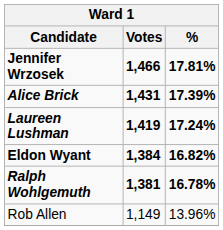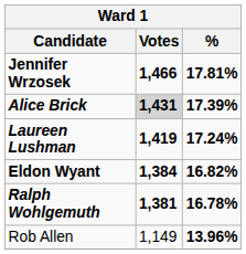 <table class="wikitable" style="width:250px">
 <tr>
 <th colspan=3>Ward 1</th>
 </tr>
 <tr>
 <th>Candidate</th>
 <th>Votes</th>
 <th>%</th>
 </tr>
 <tr>
 <td><strong>Jennifer Wrzosek</strong></td>
 <td><strong>1,466</strong></td>
 <td><strong>17.81%</strong></td>
 </tr>
 <tr>
 <td><strong><em>Alice Brick</em></strong></td>
-<td><strong>1,431</strong></td>
+<td style="background: lightgrey;"><strong>1,431</strong></td>
 <td><strong>17.39%</strong></td>
 </tr>
 <tr>
 <td><strong><em>Laureen Lushman</em></strong></td>
 <td><strong>1,419</strong></td>
 <td><strong>17.24%</strong></td>
 </tr>
 <tr>
 <td><strong>Eldon Wyant</strong></td>
 <td><strong>1,384</strong></td>
 <td><strong>16.82%</strong></td>
 </tr>
 <tr>
 <td><strong><em>Ralph Wohlgemuth</em></strong></td>
 <td><strong>1,381</strong></td>
 <td><strong>16.78%</strong></td>
 </tr>
 <tr>
 <td>Rob Allen</td>
 <td>1,149</td>
-<td>13.96%</td>
+<td><strong>13.96%</strong></td>
 </tr>
 <tr>
 </tr>
 </table>
